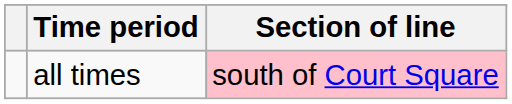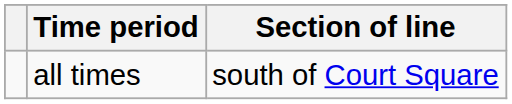 <table class="wikitable">
 <tr>
 <th> </th>
 <th>Time period</th>
 <th>Section of line</th>
 </tr>
 <tr>
 <td></td>
 <td>all times</td>
-<td style="background: pink;">south of <a href='#'>Court Square</a></td>
+<td>south of <a href='#'>Court Square</a></td>
 </tr>
 </table>
